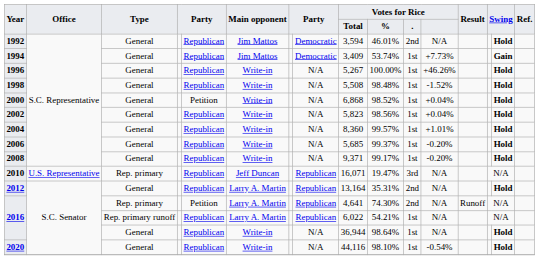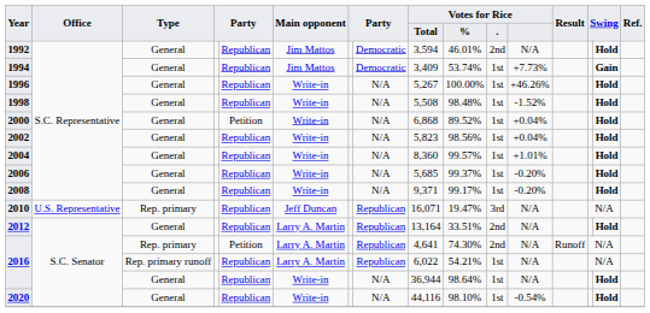 <table class="wikitable" style="font-size: 90%; text-align:center;">
 <tr>
 <th style="background-color:#EAECF0;" rowspan=2>Year</th>
 <th style="background-color:#EAECF0;" rowspan=2>Office</th>
 <th style="background-color:#EAECF0;" rowspan=2>Type</th>
 <th style="background-color:#EAECF0;" colspan=2 rowspan=2>Party</th>
 <th style="background-color:#EAECF0;" rowspan=2>Main opponent</th>
 <th style="background-color:#EAECF0;" colspan=2 rowspan=2>Party</th>
 <th style="background-color:#EAECF0;" colspan=4>Votes for Rice</th>
 <th style="background-color:#EAECF0;" rowspan=2>Result</th>
 <th style="background-color:#EAECF0;" colspan=2 rowspan=2><a href='#'>Swing</a></th>
 <th style="background-color:#EAECF0;" colspan=2 rowspan=2>Ref.</th>
 </tr>
 <tr>
 <th style="background-color:#EAECF0;">Total</th>
 <th style="background-color:#EAECF0;">%</th>
 <th style="background-color:#EAECF0;">.</th>
 <th style="background-color:#EAECF0;"></th>
 </tr>
 <tr>
 <th style="background-color:#EAECF0;">1992</th>
 <td rowspan=9>S.C. Representative</td>
 <td>General</td>
 <td style="background-color:"></td>
 <td><a href='#'>Republican</a></td>
 <td><a href='#'>Jim Mattos</a></td>
 <td style="background-color:"></td>
 <td><a href='#'>Democratic</a></td>
 <td>3,594</td>
 <td>46.01%</td>
 <td>2nd</td>
 <td>N/A</td>
 <td></td>
 <td style="background-color:"></td>
 <td><strong>Hold</strong></td>
 <td></td>
 </tr>
 <tr>
 <th style="background-color:#EAECF0;">1994</th>
 <td>General</td>
 <td style="background-color:"></td>
 <td><a href='#'>Republican</a></td>
 <td><a href='#'>Jim Mattos</a></td>
 <td style="background-color:"></td>
 <td><a href='#'>Democratic</a></td>
 <td>3,409</td>
 <td>53.74%</td>
 <td>1st</td>
 <td>+7.73%</td>
 <td></td>
 <td style="background-color:"></td>
 <td><strong>Gain</strong></td>
 <td></td>
 </tr>
 <tr>
 <th style="background-color:#EAECF0;">1996</th>
 <td>General</td>
 <td style="background-color:"></td>
 <td><a href='#'>Republican</a></td>
 <td><a href='#'>Write-in</a></td>
 <td></td>
 <td>N/A</td>
 <td>5,267</td>
 <td>100.00%</td>
 <td>1st</td>
 <td>+46.26%</td>
 <td></td>
 <td style="background-color:"></td>
 <td><strong>Hold</strong></td>
 <td></td>
 </tr>
 <tr>
 <th style="background-color:#EAECF0;">1998</th>
 <td>General</td>
 <td style="background-color:"></td>
 <td><a href='#'>Republican</a></td>
 <td><a href='#'>Write-in</a></td>
 <td></td>
 <td>N/A</td>
 <td>5,508</td>
 <td>98.48%</td>
 <td>1st</td>
 <td>-1.52%</td>
 <td></td>
 <td style="background-color:"></td>
 <td><strong>Hold</strong></td>
 <td></td>
 </tr>
 <tr>
 <th style="background-color:#EAECF0;">2000</th>
 <td>General</td>
 <td style="background-color:"></td>
 <td>Petition</td>
 <td><a href='#'>Write-in</a></td>
 <td></td>
 <td>N/A</td>
 <td>6,868</td>
-<td>98.52%</td>
+<td>89.52%</td>
 <td>1st</td>
 <td>+0.04%</td>
 <td></td>
 <td style="background-color:"></td>
 <td><strong>Hold</strong></td>
 <td></td>
 </tr>
 <tr>
 <th style="background-color:#EAECF0;">2002</th>
 <td>General</td>
 <td style="background-color:"></td>
 <td><a href='#'>Republican</a></td>
 <td><a href='#'>Write-in</a></td>
 <td></td>
 <td>N/A</td>
 <td>5,823</td>
 <td>98.56%</td>
 <td>1st</td>
 <td>+0.04%</td>
 <td></td>
 <td style="background-color:"></td>
 <td><strong>Hold</strong></td>
 <td></td>
 </tr>
 <tr>
 <th style="background-color:#EAECF0;">2004</th>
 <td>General</td>
 <td style="background-color:"></td>
 <td><a href='#'>Republican</a></td>
 <td><a href='#'>Write-in</a></td>
 <td></td>
 <td>N/A</td>
 <td>8,360</td>
 <td>99.57%</td>
 <td>1st</td>
 <td>+1.01%</td>
 <td></td>
 <td style="background-color:"></td>
 <td><strong>Hold</strong></td>
 <td></td>
 </tr>
 <tr>
 <th style="background-color:#EAECF0;">2006</th>
 <td>General</td>
 <td style="background-color:"></td>
 <td><a href='#'>Republican</a></td>
 <td><a href='#'>Write-in</a></td>
 <td></td>
 <td>N/A</td>
 <td>5,685</td>
 <td>99.37%</td>
 <td>1st</td>
 <td>-0.20%</td>
 <td></td>
 <td style="background-color:"></td>
 <td><strong>Hold</strong></td>
 <td></td>
 </tr>
 <tr>
 <th style="background-color:#EAECF0;">2008</th>
 <td>General</td>
 <td style="background-color:"></td>
 <td><a href='#'>Republican</a></td>
 <td><a href='#'>Write-in</a></td>
 <td></td>
 <td>N/A</td>
 <td>9,371</td>
 <td>99.17%</td>
 <td>1st</td>
 <td>-0.20%</td>
 <td></td>
 <td style="background-color:"></td>
 <td><strong>Hold</strong></td>
 <td></td>
 </tr>
 <tr>
 <th style="background-color:#EAECF0;">2010</th>
 <td><a href='#'>U.S. Representative</a></td>
 <td>Rep. primary</td>
 <td style="background-color:"></td>
 <td><a href='#'>Republican</a></td>
 <td><a href='#'>Jeff Duncan</a></td>
 <td style="background-color:"></td>
 <td><a href='#'>Republican</a></td>
 <td>16,071</td>
 <td>19.47%</td>
 <td>3rd</td>
 <td>N/A</td>
 <td></td>
 <td colspan=2>N/A</td>
 <td></td>
 </tr>
 <tr>
 <th style="background-color:#EAECF0;"><a href='#'>2012</a></th>
 <td rowspan=5>S.C. Senator</td>
 <td>General</td>
 <td></td>
 <td><a href='#'>Republican</a></td>
 <td><a href='#'>Larry A. Martin</a></td>
 <td style="background-color:"></td>
 <td><a href='#'>Republican</a></td>
 <td>13,164</td>
-<td>35.31%</td>
+<td>33.51%</td>
 <td>2nd</td>
 <td>N/A</td>
 <td></td>
 <td style="background-color:"></td>
 <td><strong>Hold</strong></td>
 <td></td>
 </tr>
 <tr>
 <th rowspan=3 style="background-color:#EAECF0;"><a href='#'>2016</a></th>
 <td>Rep. primary</td>
 <td style="background-color:"></td>
 <td>Petition</td>
 <td><a href='#'>Larry A. Martin</a></td>
 <td style="background-color:"></td>
 <td><a href='#'>Republican</a></td>
 <td>4,641</td>
 <td>74.30%</td>
 <td>2nd</td>
 <td>N/A</td>
 <td>Runoff</td>
 <td colspan=2>N/A</td>
 <td></td>
 </tr>
 <tr>
 <td>Rep. primary runoff</td>
 <td style="background-color:"></td>
 <td><a href='#'>Republican</a></td>
 <td><a href='#'>Larry A. Martin</a></td>
 <td style="background-color:"></td>
 <td><a href='#'>Republican</a></td>
 <td>6,022</td>
 <td>54.21%</td>
 <td>1st</td>
 <td>N/A</td>
 <td></td>
 <td colspan=2>N/A</td>
 <td></td>
 </tr>
 <tr>
 <td>General</td>
 <td style="background-color:"></td>
 <td><a href='#'>Republican</a></td>
 <td><a href='#'>Write-in</a></td>
 <td></td>
 <td>N/A</td>
 <td>36,944</td>
 <td>98.64%</td>
 <td>1st</td>
 <td>N/A</td>
 <td></td>
 <td style="background-color:"></td>
 <td><strong>Hold</strong></td>
 <td></td>
 </tr>
 <tr>
 <th style="background-color:#EAECF0;"><a href='#'>2020</a></th>
 <td>General</td>
 <td style="background-color:"></td>
 <td><a href='#'>Republican</a></td>
 <td><a href='#'>Write-in</a></td>
 <td></td>
 <td>N/A</td>
 <td>44,116</td>
 <td>98.10%</td>
 <td>1st</td>
 <td>-0.54%</td>
 <td></td>
 <td style="background-color:"></td>
 <td><strong>Hold</strong></td>
 <td></td>
 </tr>
 <tr>
 </tr>
 </table>
